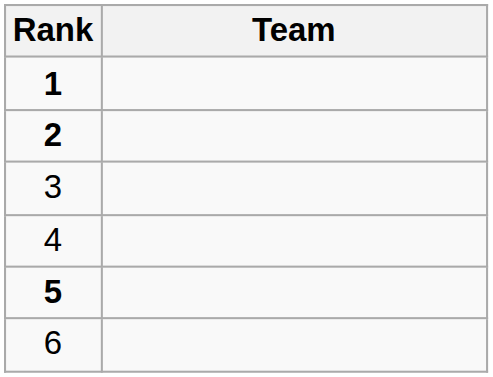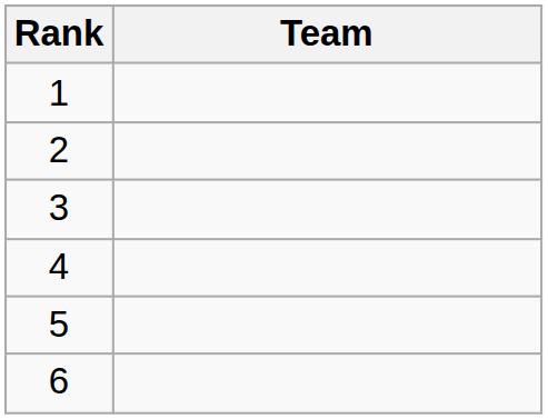 <table class=wikitable style="text-align:center;">
 <tr>
 <th>Rank</th>
 <th width=180>Team</th>
 </tr>
 <tr>
-<td><strong>1</strong></td>
+<td>1</td>
 <td align=left></td>
 </tr>
 <tr>
-<td><strong>2</strong></td>
+<td>2</td>
 <td align=left></td>
 </tr>
 <tr>
 <td>3</td>
 <td align=left></td>
 </tr>
 <tr>
 <td>4</td>
 <td align=left></td>
 </tr>
 <tr>
-<td><strong>5</strong></td>
+<td>5</td>
 <td align=left></td>
 </tr>
 <tr>
 <td>6</td>
 <td align=left></td>
 </tr>
 </table>
